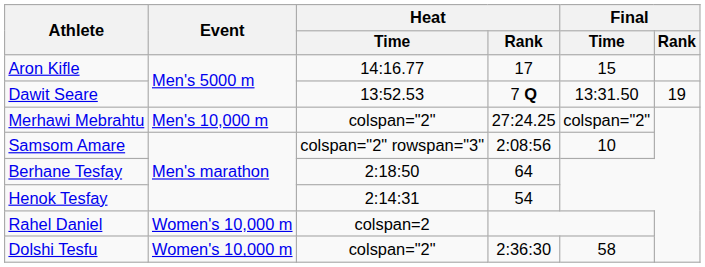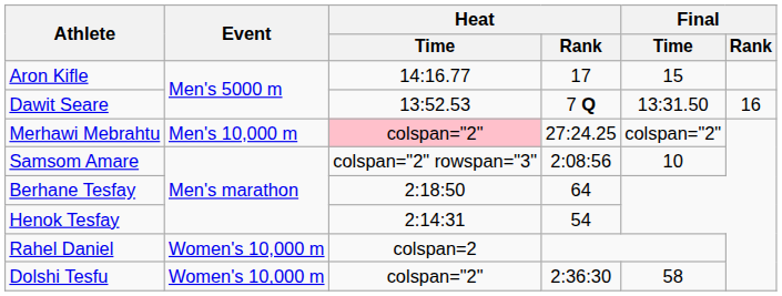 <table class="wikitable" style="font-size:90%">
 <tr>
 <th rowspan="2">Athlete</th>
 <th rowspan="2">Event</th>
 <th colspan="2">Heat</th>
 <th colspan="2">Final</th>
 </tr>
 <tr style="font-size:95%">
 <th>Time</th>
 <th>Rank</th>
 <th>Time</th>
 <th>Rank</th>
 </tr>
 <tr align=center>
 <td align=left><a href='#'>Aron Kifle</a></td>
 <td align=left rowspan=2><a href='#'>Men's 5000 m</a></td>
 <td>14:16.77</td>
 <td>17</td>
 <td>15</td>
 </tr>
 <tr align=center>
 <td align=left><a href='#'>Dawit Seare</a></td>
 <td>13:52.53</td>
 <td>7 <strong>Q</strong></td>
 <td>13:31.50</td>
-<td>19</td>
+<td>16</td>
 </tr>
 <tr align=center>
 <td align=left><a href='#'>Merhawi Mebrahtu</a></td>
 <td align=left><a href='#'>Men's 10,000 m</a></td>
-<td>colspan="2" </td>
+<td style="background: pink;">colspan="2" </td>
 <td>27:24.25</td>
 <td>colspan="2" </td>
 </tr>
 <tr align=center>
 <td align=left><a href='#'>Samsom Amare</a></td>
 <td align=left rowspan=3><a href='#'>Men's marathon</a></td>
 <td>colspan="2" rowspan="3" </td>
 <td>2:08:56 <strong></strong></td>
 <td>10</td>
 </tr>
 <tr align=center>
 <td align=left><a href='#'>Berhane Tesfay</a></td>
 <td>2:18:50</td>
 <td>64</td>
 </tr>
 <tr align=center>
 <td align=left><a href='#'>Henok Tesfay</a></td>
 <td>2:14:31</td>
 <td>54</td>
 </tr>
 <tr align=center>
 <td align=left><a href='#'>Rahel Daniel</a></td>
 <td align=left><a href='#'>Women's 10,000 m</a></td>
 <td>colspan=2 </td>
 <td colspan=2></td>
 </tr>
 <tr align=center>
 <td align=left><a href='#'>Dolshi Tesfu</a></td>
 <td align=left><a href='#'>Women's 10,000 m</a></td>
 <td>colspan="2" </td>
 <td>2:36:30 <strong></strong></td>
 <td>58</td>
 </tr>
 </table>
